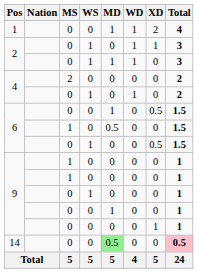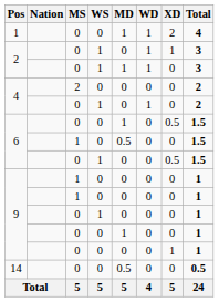 <table class="wikitable" style="text-align:center">
 <tr>
 <th>Pos</th>
 <th>Nation</th>
 <th>MS</th>
 <th>WS</th>
 <th>MD</th>
 <th>WD</th>
 <th>XD</th>
 <th>Total</th>
 </tr>
 <tr>
 <td>1</td>
 <td align=left></td>
 <td>0</td>
 <td>0</td>
 <td>1</td>
 <td>1</td>
 <td>2</td>
 <td><strong>4</strong></td>
 </tr>
 <tr>
 <td rowspan=2>2</td>
 <td align=left></td>
 <td>0</td>
 <td>1</td>
 <td>0</td>
 <td>1</td>
 <td>1</td>
 <td><strong>3</strong></td>
 </tr>
 <tr>
 <td align=left></td>
 <td>0</td>
 <td>1</td>
 <td>1</td>
 <td>1</td>
 <td>0</td>
 <td><strong>3</strong></td>
 </tr>
 <tr>
 <td rowspan=2>4</td>
 <td align=left></td>
 <td>2</td>
 <td>0</td>
 <td>0</td>
 <td>0</td>
 <td>0</td>
 <td><strong>2</strong></td>
 </tr>
 <tr>
 <td align=left></td>
 <td>0</td>
 <td>1</td>
 <td>0</td>
 <td>1</td>
 <td>0</td>
 <td><strong>2</strong></td>
 </tr>
 <tr>
 <td rowspan=3>6</td>
 <td align=left></td>
 <td>0</td>
 <td>0</td>
 <td>1</td>
 <td>0</td>
 <td>0.5</td>
 <td><strong>1.5</strong></td>
 </tr>
 <tr>
 <td align=left></td>
 <td>1</td>
 <td>0</td>
 <td>0.5</td>
 <td>0</td>
 <td>0</td>
 <td><strong>1.5</strong></td>
 </tr>
 <tr>
 <td align=left></td>
 <td>0</td>
 <td>1</td>
 <td>0</td>
 <td>0</td>
 <td>0.5</td>
 <td><strong>1.5</strong></td>
 </tr>
 <tr>
 <td rowspan=5>9</td>
 <td align=left></td>
 <td>1</td>
 <td>0</td>
 <td>0</td>
 <td>0</td>
 <td>0</td>
 <td><strong>1</strong></td>
 </tr>
 <tr>
 <td align=left></td>
 <td>1</td>
 <td>0</td>
 <td>0</td>
 <td>0</td>
 <td>0</td>
 <td><strong>1</strong></td>
 </tr>
 <tr>
 <td align=left></td>
 <td>0</td>
 <td>1</td>
 <td>0</td>
 <td>0</td>
 <td>0</td>
 <td><strong>1</strong></td>
 </tr>
 <tr>
 <td align=left></td>
 <td>0</td>
 <td>0</td>
 <td>1</td>
 <td>0</td>
 <td>0</td>
 <td><strong>1</strong></td>
 </tr>
 <tr>
 <td align=left></td>
 <td>0</td>
 <td>0</td>
 <td>0</td>
 <td>0</td>
 <td>1</td>
 <td><strong>1</strong></td>
 </tr>
 <tr>
 <td>14</td>
 <td align=left></td>
 <td>0</td>
 <td>0</td>
-<td style="background: lightgreen;">0.5</td>
+<td>0.5</td>
 <td>0</td>
 <td>0</td>
-<td style="background: pink;"><strong>0.5</strong></td>
+<td><strong>0.5</strong></td>
 </tr>
 <tr>
 <th colspan="2">Total</th>
 <th>5</th>
 <th>5</th>
 <th>5</th>
 <th>4</th>
 <th>5</th>
 <th>24</th>
 </tr>
 </table>
